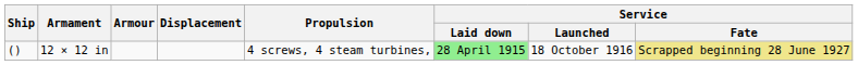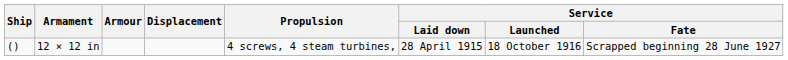 <table class="wikitable">
 <tr valign="center">
 <th align= center rowspan=2>Ship</th>
 <th align= center rowspan=2>Armament</th>
 <th align= center rowspan=2>Armour</th>
 <th align= center rowspan=2>Displacement</th>
 <th align= center rowspan=2>Propulsion</th>
 <th align= center colspan=3>Service</th>
 </tr>
 <tr valign="center">
 <th align= center>Laid down</th>
 <th align= center>Launched</th>
 <th align= center>Fate</th>
 </tr>
 <tr valign="center">
 <td align= left> ()</td>
 <td align= center>12 × 12 in</td>
 <td align= center></td>
 <td align= center></td>
 <td align= center>4 screws, 4 steam turbines, </td>
-<td align= center style="background: lightgreen;">28 April 1915</td>
+<td align= center>28 April 1915</td>
 <td align= center>18 October 1916</td>
-<td align= center style="background: khaki;">Scrapped beginning 28 June 1927</td>
+<td align= center>Scrapped beginning 28 June 1927</td>
 </tr>
 </table>
